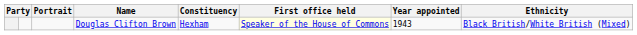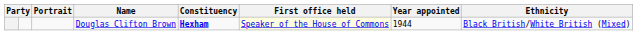 <table class="wikitable sortable">
 <tr>
 <th colspan=2>Party</th>
 <th>Portrait</th>
 <th>Name</th>
 <th>Constituency</th>
 <th>First office held</th>
 <th>Year appointed</th>
 <th>Ethnicity</th>
 </tr>
 <tr>
 <th style="background-color: "></th>
 <td></td>
 <td></td>
 <td><a href='#'>Douglas Clifton Brown</a></td>
-<td><a href='#'>Hexham</a></td>
+<td><strong><a href='#'>Hexham</a></strong></td>
 <td style="background: lightyellow;"><a href='#'>Speaker of the House of Commons</a></td>
-<td>1943</td>
+<td>1944</td>
 <td><a href='#'>Black British</a>/<a href='#'>White British</a> (<a href='#'>Mixed</a>)</td>
 </tr>
 </table>
